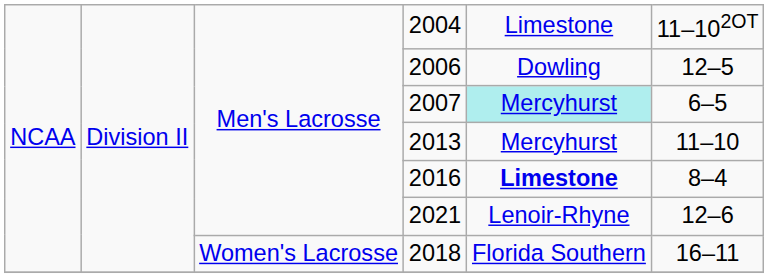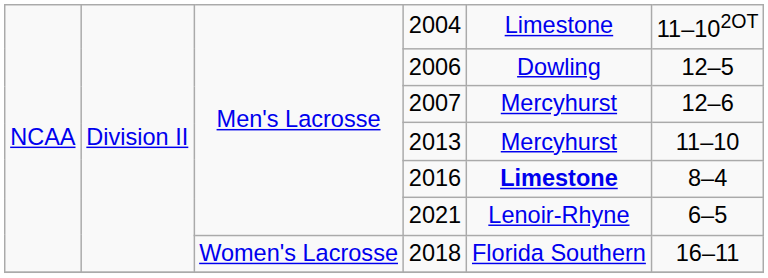 <table class="wikitable" style="text-align:center">
 <tr align="center">
 <td rowspan="7"><a href='#'>NCAA</a></td>
 <td rowspan="7"><a href='#'>Division II</a></td>
 <td rowspan="6"><a href='#'>Men's Lacrosse</a></td>
 <td>2004</td>
 <td><a href='#'>Limestone</a></td>
 <td>11–10<sup>2OT</sup></td>
 </tr>
 <tr align="center">
 <td>2006</td>
 <td><a href='#'>Dowling</a></td>
 <td>12–5</td>
 </tr>
 <tr align="center">
 <td>2007</td>
-<td style="background: paleturquoise;"><a href='#'>Mercyhurst</a></td>
-<td>6–5</td>
+<td><a href='#'>Mercyhurst</a></td>
+<td>12–6</td>
 </tr>
 <tr align="center">
 <td>2013</td>
 <td><a href='#'>Mercyhurst</a></td>
 <td>11–10</td>
 </tr>
 <tr align="center">
 <td>2016</td>
 <td><strong><a href='#'>Limestone</a></strong></td>
 <td>8–4</td>
 </tr>
 <tr align="center">
 <td>2021</td>
 <td><a href='#'>Lenoir-Rhyne</a></td>
-<td>12–6</td>
+<td>6–5</td>
 </tr>
 <tr align="center">
 <td><a href='#'>Women's Lacrosse</a></td>
 <td>2018</td>
 <td><a href='#'>Florida Southern</a></td>
 <td>16–11</td>
 </tr>
 <tr align="center">
 </tr>
 </table>
